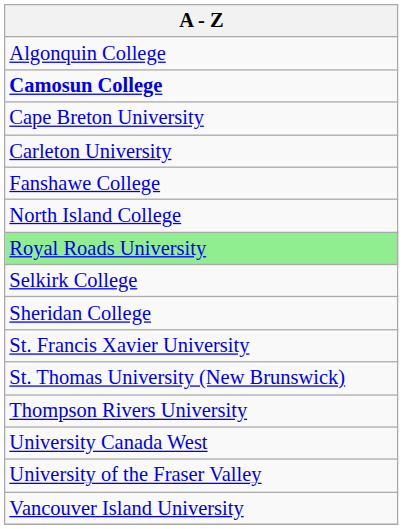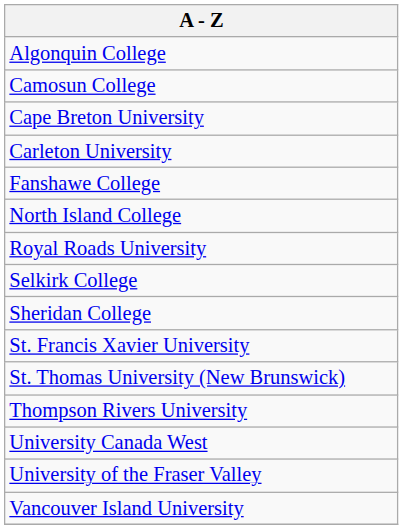 <table class="wikitable collapsible">
 <tr>
 <th scope="col" width="300" align="center">A - Z</th>
 </tr>
 <tr>
 <td><a href='#'>Algonquin College</a></td>
 </tr>
 <tr>
-<td><strong><a href='#'>Camosun College</a></strong></td>
+<td><a href='#'>Camosun College</a></td>
 </tr>
 <tr>
 <td><a href='#'>Cape Breton University</a></td>
 </tr>
 <tr>
 <td><a href='#'>Carleton University</a></td>
 </tr>
 <tr>
 <td><a href='#'>Fanshawe College</a></td>
 </tr>
 <tr>
 <td><a href='#'>North Island College</a></td>
 </tr>
 <tr>
-<td style="background: lightgreen;"><a href='#'>Royal Roads University</a></td>
+<td><a href='#'>Royal Roads University</a></td>
 </tr>
 <tr>
 <td><a href='#'>Selkirk College</a></td>
 </tr>
 <tr>
 <td><a href='#'>Sheridan College</a></td>
 </tr>
 <tr>
 <td><a href='#'>St. Francis Xavier University</a></td>
 </tr>
 <tr>
 <td><a href='#'>St. Thomas University (New Brunswick)</a></td>
 </tr>
 <tr>
 <td><a href='#'>Thompson Rivers University</a></td>
 </tr>
 <tr>
 <td><a href='#'>University Canada West</a></td>
 </tr>
 <tr>
 <td><a href='#'>University of the Fraser Valley</a></td>
 </tr>
 <tr>
 <td><a href='#'>Vancouver Island University</a></td>
 </tr>
 <tr>
 </tr>
 </table>
